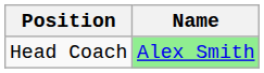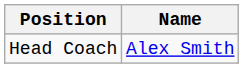 <table class="wikitable">
 <tr>
 <th>Position</th>
 <th>Name</th>
 </tr>
 <tr>
 <td>Head Coach</td>
-<td style="background: lightgreen;"> <a href='#'>Alex Smith</a></td>
+<td> <a href='#'>Alex Smith</a></td>
 </tr>
 </table>
